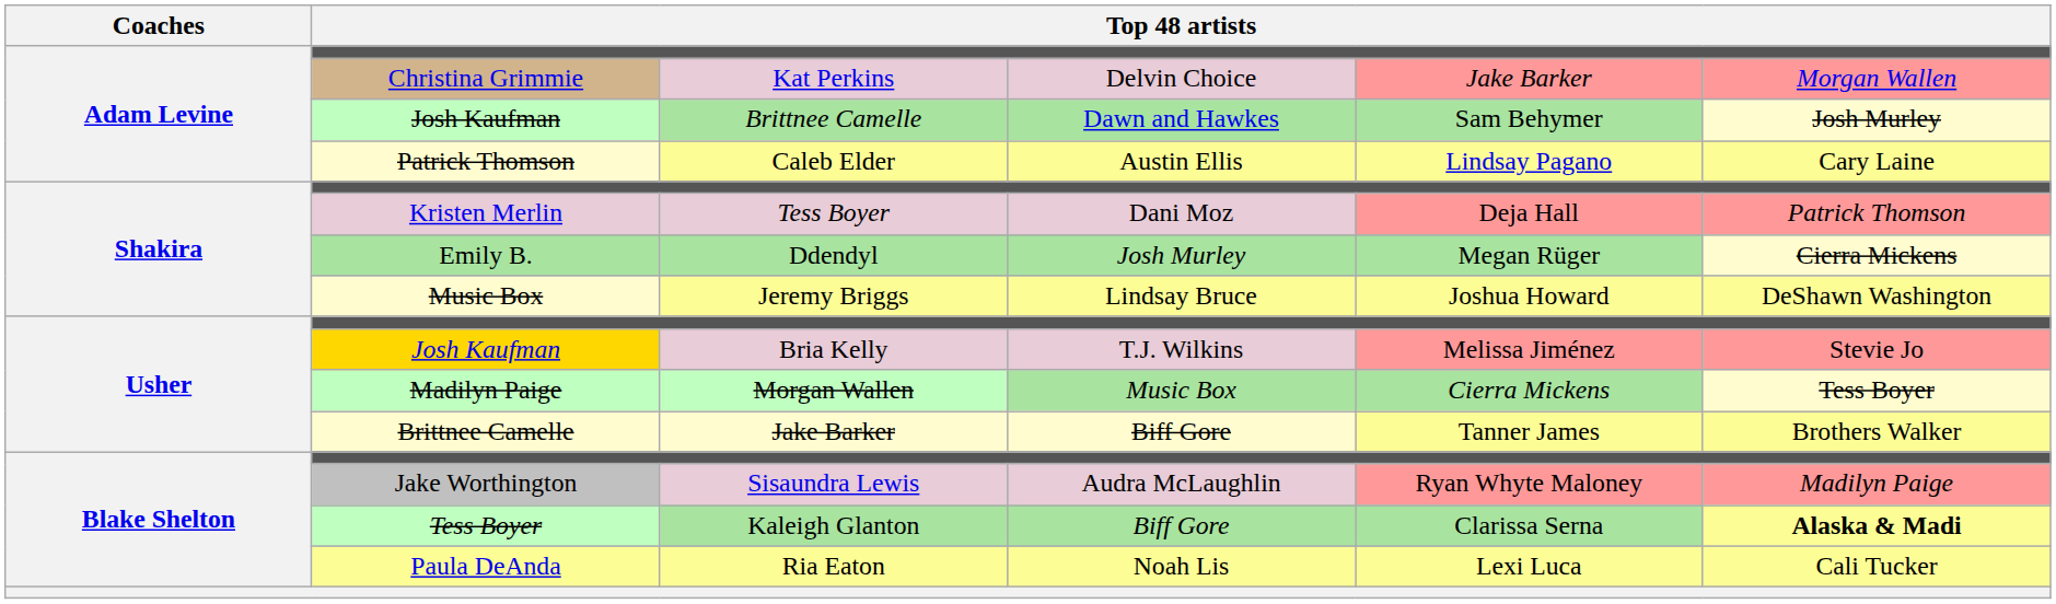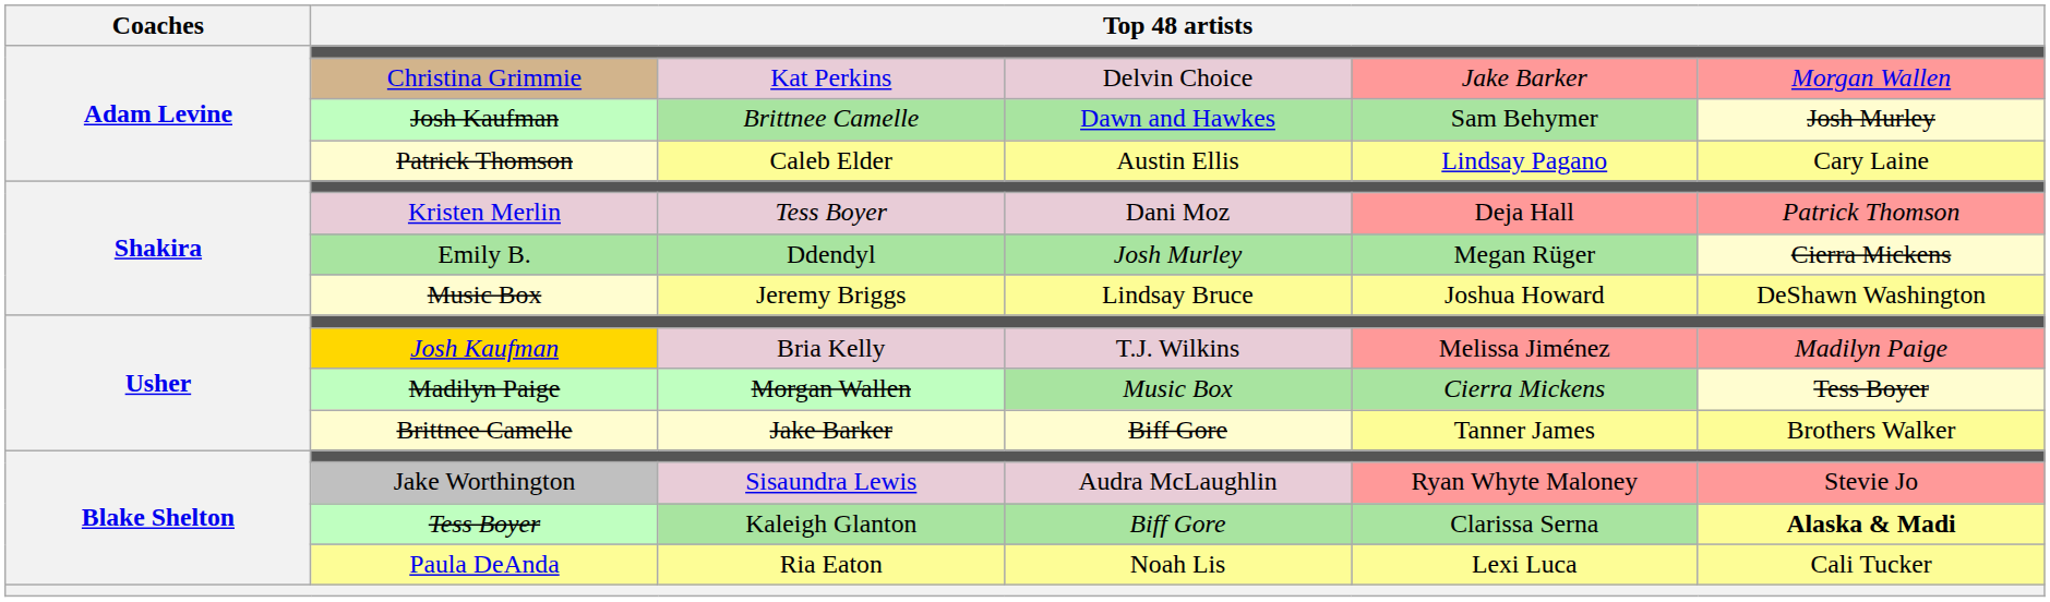 <table class="wikitable" style="text-align:center; width:100%;">
 <tr>
 <th style="width:15%;">Coaches</th>
 <th style="width:85%;" colspan="5">Top 48 artists</th>
 </tr>
 <tr>
 <th rowspan="4"><a href='#'>Adam Levine</a></th>
 <td colspan="5" style="background:#555;"></td>
 </tr>
 <tr>
 <td width="17%;" style="background:tan;"><a href='#'>Christina Grimmie</a></td>
 <td width="17%;" style="background:#E8CCD7;"><a href='#'>Kat Perkins</a></td>
 <td width="17%;" style="background:#E8CCD7;">Delvin Choice</td>
 <td width="17%;" style="background:#f99;"><em>Jake Barker</em></td>
 <td width="17%;" style="background:#f99;"><em><a href='#'>Morgan Wallen</a></em></td>
 </tr>
 <tr>
 <td style="background:#BFFFC0;"><s>Josh Kaufman</s></td>
 <td style="background:#A8E4A0;"><em>Brittnee Camelle</em></td>
 <td style="background:#A8E4A0;"><a href='#'>Dawn and Hawkes</a></td>
 <td style="background:#A8E4A0;">Sam Behymer</td>
 <td style="background:#FFFDD0;"><s>Josh Murley</s></td>
 </tr>
 <tr>
 <td style="background:#FFFDD0;"><s>Patrick Thomson</s></td>
 <td style="background:#FDFD96;">Caleb Elder</td>
 <td style="background:#FDFD96;">Austin Ellis</td>
 <td style="background:#FDFD96;"><a href='#'>Lindsay Pagano</a></td>
 <td style="background:#FDFD96;">Cary Laine</td>
 </tr>
 <tr>
 <th rowspan="4"><a href='#'>Shakira</a></th>
 <td colspan="5" style="background:#555;"></td>
 </tr>
 <tr>
 <td style="background:#E8CCD7;"><a href='#'>Kristen Merlin</a></td>
 <td style="background:#E8CCD7;"><em>Tess Boyer</em></td>
 <td style="background:#E8CCD7;">Dani Moz</td>
 <td style="background:#f99;">Deja Hall</td>
 <td style="background:#f99;"><em>Patrick Thomson</em></td>
 </tr>
 <tr>
 <td style="background:#A8E4A0;">Emily B.</td>
 <td style="background:#A8E4A0;">Ddendyl</td>
 <td style="background:#A8E4A0;"><em>Josh Murley</em></td>
 <td style="background:#A8E4A0;">Megan Rüger</td>
 <td style="background:#FFFDD0;"><s>Cierra Mickens</s></td>
 </tr>
 <tr>
 <td style="background:#FFFDD0;"><s>Music Box</s></td>
 <td style="background:#FDFD96;">Jeremy Briggs</td>
 <td style="background:#FDFD96;">Lindsay Bruce</td>
 <td style="background:#FDFD96;">Joshua Howard</td>
 <td style="background:#FDFD96;">DeShawn Washington</td>
 </tr>
 <tr>
 <th rowspan="4"><a href='#'>Usher</a></th>
 <td colspan="5" style="background:#555;"></td>
 </tr>
 <tr>
 <td style="background:gold;"><em><a href='#'>Josh Kaufman</a></em></td>
 <td style="background:#E8CCD7;">Bria Kelly</td>
 <td style="background:#E8CCD7;">T.J. Wilkins</td>
 <td style="background:#f99;">Melissa Jiménez</td>
-<td style="background:#f99;">Stevie Jo</td>
+<td style="background:#f99;"><em>Madilyn Paige</em></td>
 </tr>
 <tr>
 <td style="background:#BFFFC0;"><s>Madilyn Paige</s></td>
 <td style="background:#BFFFC0;"><s>Morgan Wallen</s></td>
 <td style="background:#A8E4A0;"><em>Music Box</em></td>
 <td style="background:#A8E4A0;"><em>Cierra Mickens</em></td>
 <td style="background:#FFFDD0;"><s>Tess Boyer</s></td>
 </tr>
 <tr>
 <td style="background:#FFFDD0;"><s>Brittnee Camelle</s></td>
 <td style="background:#FFFDD0;"><s>Jake Barker</s></td>
 <td style="background:#FFFDD0;"><s>Biff Gore</s></td>
 <td style="background:#FDFD96;">Tanner James</td>
 <td style="background:#FDFD96;">Brothers Walker</td>
 </tr>
 <tr>
 <th rowspan="4"><a href='#'>Blake Shelton</a></th>
 <td colspan="5" style="background:#555;"></td>
 </tr>
 <tr>
 <td style="background:silver;">Jake Worthington</td>
 <td style="background:#E8CCD7;"><a href='#'>Sisaundra Lewis</a></td>
 <td style="background:#E8CCD7;">Audra McLaughlin</td>
 <td style="background:#f99;">Ryan Whyte Maloney</td>
-<td style="background:#f99;"><em>Madilyn Paige</em></td>
+<td style="background:#f99;">Stevie Jo</td>
 </tr>
 <tr>
 <td style="background:#BFFFC0;"><s><em>Tess Boyer</em></s></td>
 <td style="background:#A8E4A0;">Kaleigh Glanton</td>
 <td style="background:#A8E4A0;"><em>Biff Gore</em></td>
 <td style="background:#A8E4A0;">Clarissa Serna</td>
 <td style="background:#FDFD96;"><strong>Alaska & Madi</strong></td>
 </tr>
 <tr style="background:#FDFD96;">
 <td><a href='#'>Paula DeAnda</a></td>
 <td>Ria Eaton</td>
 <td>Noah Lis</td>
 <td>Lexi Luca</td>
 <td>Cali Tucker</td>
 </tr>
 <tr>
 <th style="font-size:90%; line-height:12px;" colspan="6"><small></small></th>
 </tr>
 </table>
